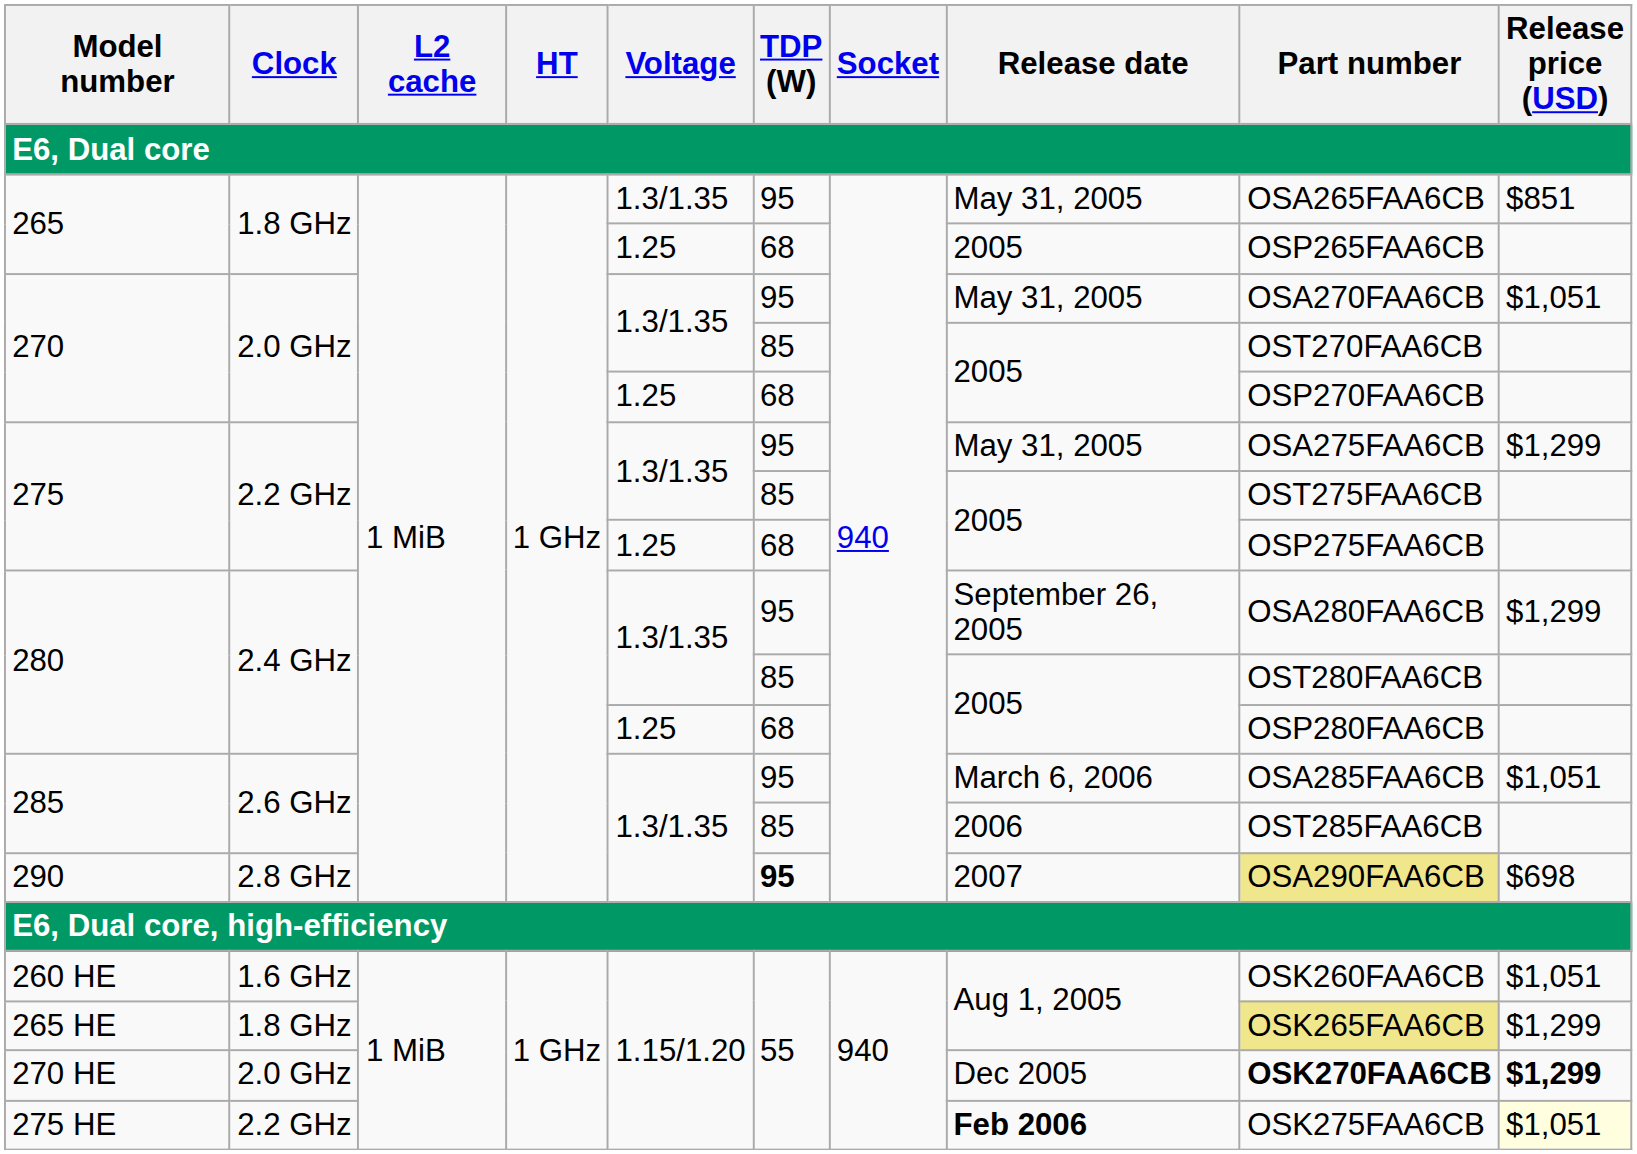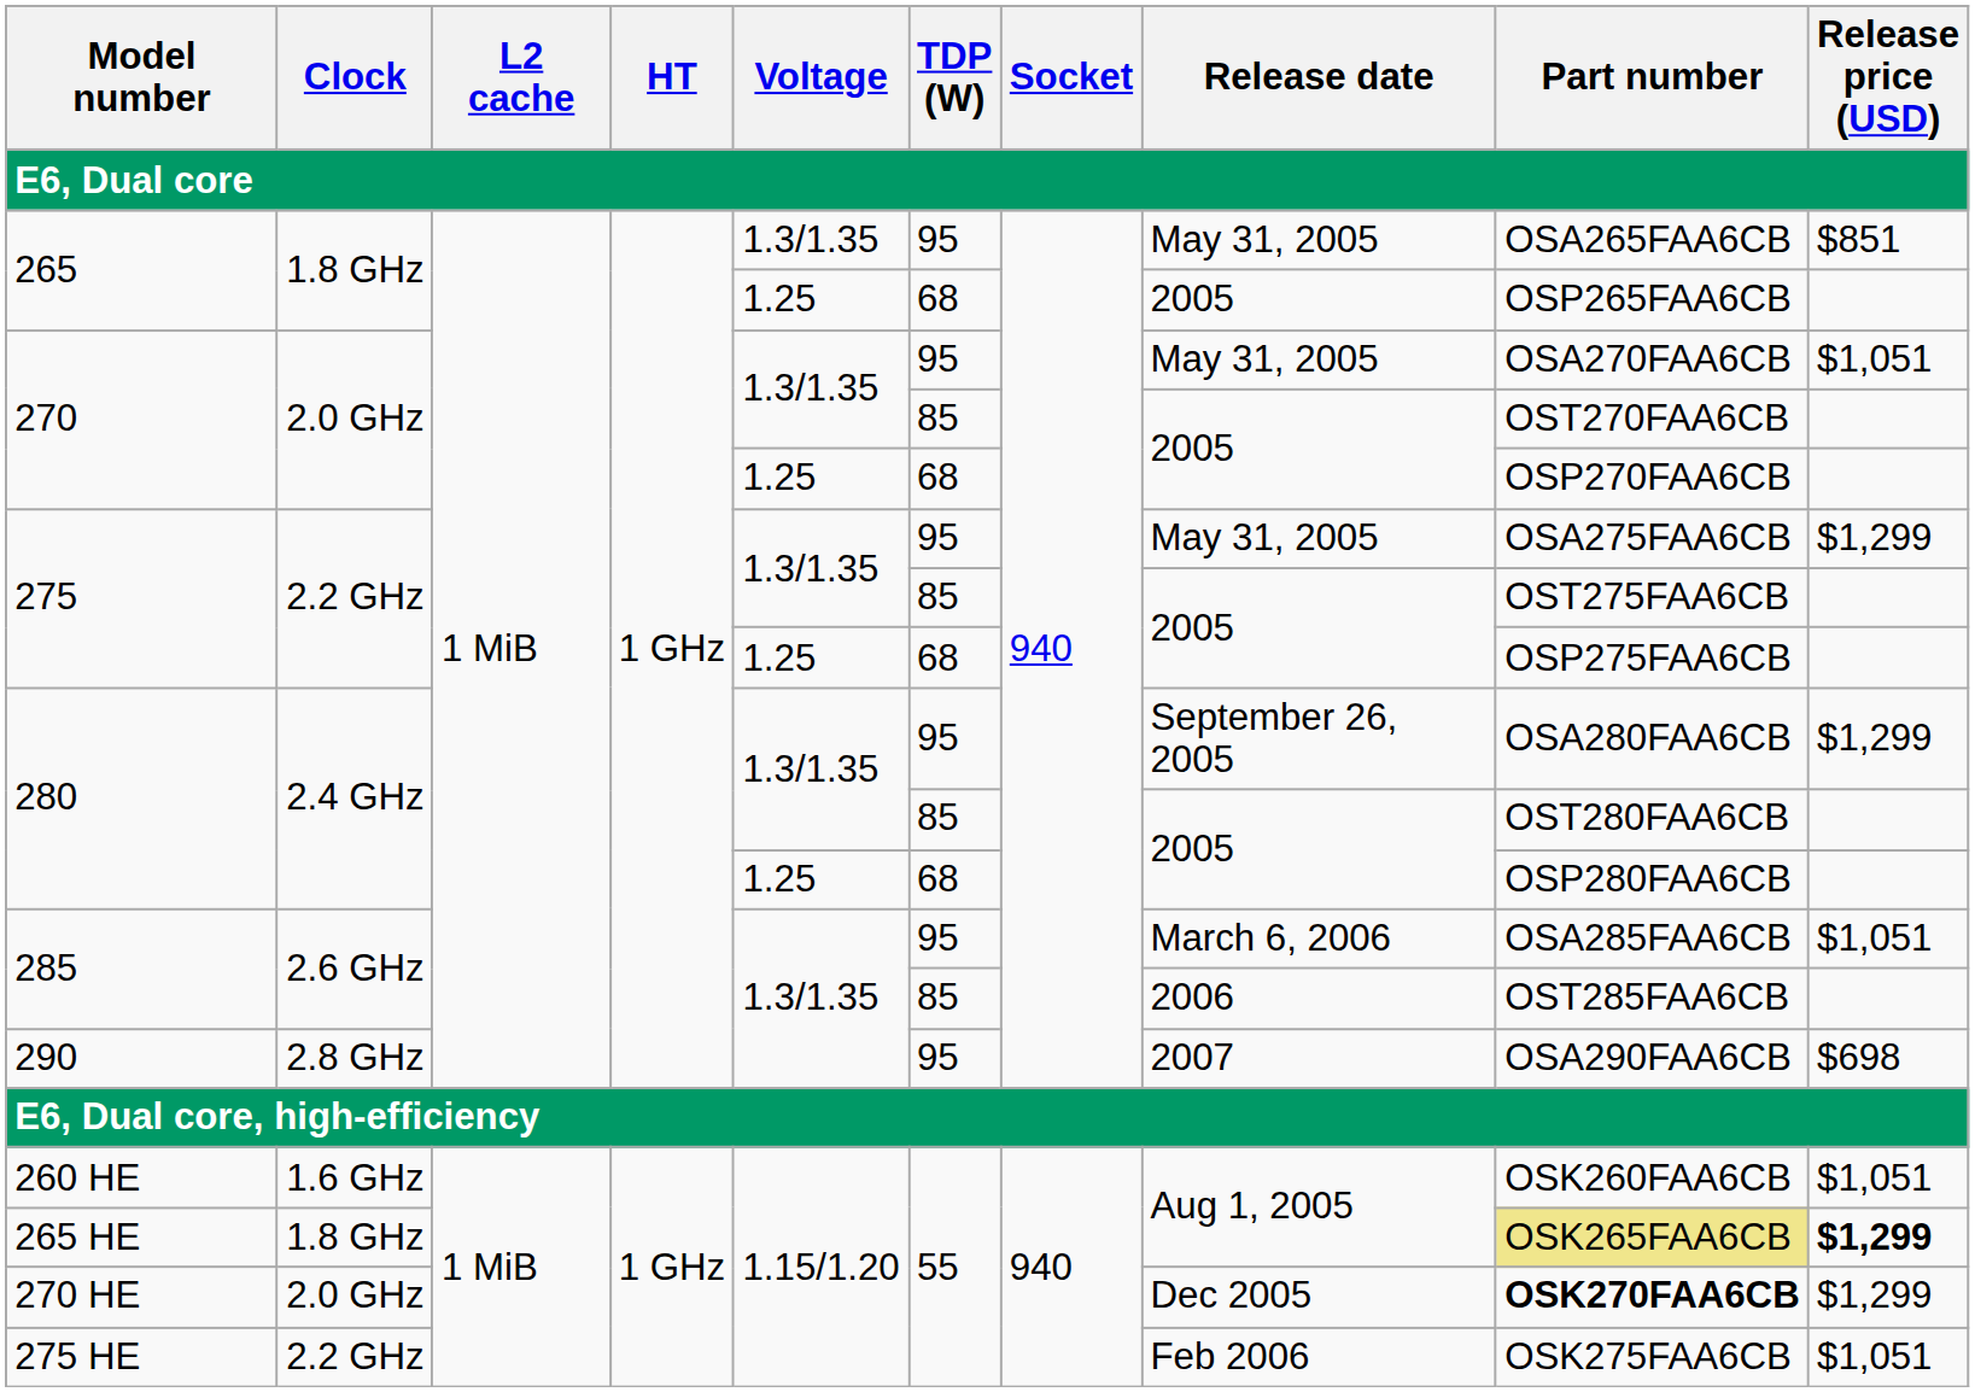 <table style="width:835px; px;" class="wikitable">
 <tr>
 <th>Model number</th>
 <th><a href='#'>Clock</a></th>
 <th><a href='#'>L2 cache</a></th>
 <th><a href='#'>HT</a></th>
 <th><a href='#'>Voltage</a></th>
 <th><a href='#'>TDP</a><br>(W)</th>
 <th><a href='#'>Socket</a></th>
 <th>Release date</th>
 <th>Part number</th>
 <th>Release<br>price<br>(<a href='#'>USD</a>)</th>
 </tr>
 <tr>
 <td colspan="11" style="text-align:left; background:#096; color:white;"><strong>E6, Dual core</strong></td>
 </tr>
 <tr>
 <td rowspan="2">265</td>
 <td rowspan="2">1.8 GHz</td>
 <td rowspan="14">1 MiB<br></td>
 <td rowspan="14">1 GHz</td>
 <td>1.3/1.35</td>
 <td>95</td>
 <td rowspan="14"><a href='#'>940</a></td>
 <td>May 31, 2005</td>
 <td>OSA265FAA6CB</td>
 <td>$851</td>
 </tr>
 <tr>
 <td>1.25</td>
 <td>68</td>
 <td>2005</td>
 <td>OSP265FAA6CB</td>
 <td></td>
 </tr>
 <tr>
 <td rowspan="3">270</td>
 <td rowspan="3">2.0 GHz</td>
 <td rowspan="2">1.3/1.35</td>
 <td>95</td>
 <td>May 31, 2005</td>
 <td>OSA270FAA6CB</td>
 <td>$1,051</td>
 </tr>
 <tr>
 <td>85</td>
 <td rowspan="2">2005</td>
 <td>OST270FAA6CB</td>
 <td></td>
 </tr>
 <tr>
 <td>1.25</td>
 <td>68</td>
 <td>OSP270FAA6CB</td>
 <td></td>
 </tr>
 <tr>
 <td rowspan="3">275</td>
 <td rowspan="3">2.2 GHz</td>
 <td rowspan="2">1.3/1.35</td>
 <td>95</td>
 <td>May 31, 2005</td>
 <td>OSA275FAA6CB</td>
 <td>$1,299</td>
 </tr>
 <tr>
 <td>85</td>
 <td rowspan="2">2005</td>
 <td>OST275FAA6CB</td>
 <td></td>
 </tr>
 <tr>
 <td>1.25</td>
 <td>68</td>
 <td>OSP275FAA6CB</td>
 <td></td>
 </tr>
 <tr>
 <td rowspan="3">280</td>
 <td rowspan="3">2.4 GHz</td>
 <td rowspan="2">1.3/1.35</td>
 <td>95</td>
 <td>September 26, 2005</td>
 <td>OSA280FAA6CB</td>
 <td>$1,299</td>
 </tr>
 <tr>
 <td>85</td>
 <td rowspan="2">2005</td>
 <td>OST280FAA6CB</td>
 <td></td>
 </tr>
 <tr>
 <td>1.25</td>
 <td>68</td>
 <td>OSP280FAA6CB</td>
 <td></td>
 </tr>
 <tr>
 <td rowspan="2">285</td>
 <td rowspan="2">2.6 GHz</td>
 <td rowspan="3">1.3/1.35</td>
 <td>95</td>
 <td>March 6, 2006</td>
 <td>OSA285FAA6CB</td>
 <td>$1,051</td>
 </tr>
 <tr>
 <td>85</td>
 <td>2006</td>
 <td>OST285FAA6CB</td>
 <td></td>
 </tr>
 <tr>
 <td>290</td>
 <td>2.8 GHz</td>
-<td><strong>95</strong></td>
+<td>95</td>
 <td>2007</td>
-<td style="background: khaki;">OSA290FAA6CB</td>
+<td>OSA290FAA6CB</td>
 <td>$698</td>
 </tr>
 <tr>
 <td colspan="11" style="text-align:left; background:#096; color:white;"><strong>E6, Dual core, high-efficiency</strong></td>
 </tr>
 <tr>
 <td>260 HE</td>
 <td>1.6 GHz</td>
 <td rowspan="4">1 MiB<br></td>
 <td rowspan="4">1 GHz</td>
 <td rowspan="4">1.15/1.20</td>
 <td rowspan="4">55</td>
 <td rowspan="4">940</td>
 <td rowspan="2">Aug 1, 2005</td>
 <td>OSK260FAA6CB</td>
 <td>$1,051</td>
 </tr>
 <tr>
 <td>265 HE</td>
 <td>1.8 GHz</td>
 <td style="background: khaki;">OSK265FAA6CB</td>
-<td>$1,299</td>
+<td><strong>$1,299</strong></td>
 </tr>
 <tr>
 <td>270 HE</td>
 <td>2.0 GHz</td>
 <td>Dec 2005</td>
 <td><strong>OSK270FAA6CB</strong></td>
-<td><strong>$1,299</strong></td>
+<td>$1,299</td>
 </tr>
 <tr>
 <td>275 HE</td>
 <td>2.2 GHz</td>
-<td><strong>Feb 2006</strong></td>
+<td>Feb 2006</td>
 <td>OSK275FAA6CB</td>
-<td style="background: lightyellow;">$1,051</td>
+<td>$1,051</td>
 </tr>
 </table>
